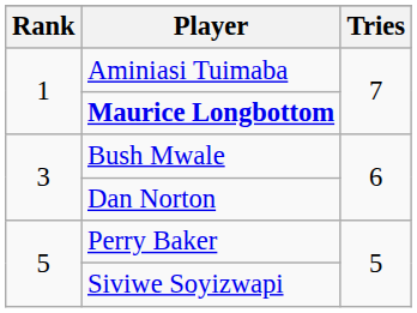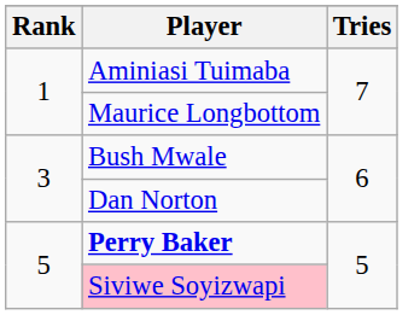 <table class="wikitable sortable">
 <tr>
 </tr>
 <tr>
 <th>Rank</th>
 <th>Player</th>
 <th>Tries</th>
 </tr>
 <tr>
 <td align=center rowspan=2>1</td>
 <td> <a href='#'>Aminiasi Tuimaba</a></td>
 <td align=center rowspan=2>7</td>
 </tr>
 <tr>
-<td><strong> <a href='#'>Maurice Longbottom</a></strong></td>
+<td> <a href='#'>Maurice Longbottom</a></td>
 </tr>
 <tr>
 <td align=center rowspan=2>3</td>
 <td> <a href='#'>Bush Mwale</a></td>
 <td align=center rowspan=2>6</td>
 </tr>
 <tr>
 <td> <a href='#'>Dan Norton</a></td>
 </tr>
 <tr>
 <td align=center rowspan=2>5</td>
-<td> <a href='#'>Perry Baker</a></td>
+<td><strong> <a href='#'>Perry Baker</a></strong></td>
 <td align=center rowspan=2>5</td>
 </tr>
 <tr>
-<td> <a href='#'>Siviwe Soyizwapi</a></td>
+<td style="background: pink;"> <a href='#'>Siviwe Soyizwapi</a></td>
 </tr>
 </table>
